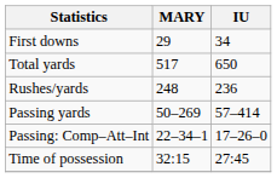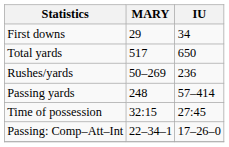 <table class="wikitable" style="float: left;">
 <tr>
 <th>Statistics</th>
 <th>MARY</th>
 <th>IU</th>
 </tr>
 <tr>
 <td>First downs</td>
 <td>29</td>
 <td>34</td>
 </tr>
 <tr>
 <td>Total yards</td>
 <td>517</td>
 <td>650</td>
 </tr>
 <tr>
 <td>Rushes/yards</td>
-<td>248</td>
+<td>50–269</td>
 <td>236</td>
 </tr>
 <tr>
 <td>Passing yards</td>
-<td>50–269</td>
+<td>248</td>
 <td>57–414</td>
+</tr>
+<tr>
+<td>Time of possession</td>
+<td>32:15</td>
+<td>27:45</td>
 </tr>
 <tr>
 <td>Passing: Comp–Att–Int</td>
 <td>22–34–1</td>
 <td>17–26–0</td>
 </tr>
 <tr>
-<td>Time of possession</td>
-<td>32:15</td>
-<td>27:45</td>
-</tr>
-<tr>
 </tr>
 </table>
